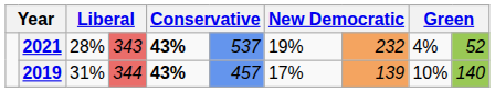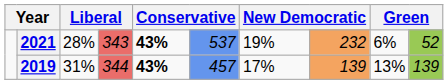 <table class="wikitable" style="width:400; font-size:90%; margin-left:1em;">
 <tr>
 <th colspan="2" scope="col">Year</th>
 <th colspan="2" scope="col"><a href='#'>Liberal</a></th>
 <th colspan="2" scope="col"><a href='#'>Conservative</a></th>
 <th colspan="2" scope="col"><a href='#'>New Democratic</a></th>
 <th colspan="2" scope="col"><a href='#'>Green</a></th>
 </tr>
 <tr>
 <td rowspan="2" style="width: 0.25em; background-color: "></td>
 <th><a href='#'>2021</a></th>
 <td>28%</td>
 <td style="text-align:right; background:#EA6D6A;"><em>343</em></td>
 <td><strong>43%</strong></td>
 <td style="text-align:right; background:#6495ED;"><em>537</em></td>
 <td>19%</td>
 <td style="text-align:right; background:#F4A460;"><em>232</em></td>
-<td>4%</td>
+<td>6%</td>
 <td style="text-align:right; background:#99C955;"><em>52</em></td>
 </tr>
 <tr>
 <th><a href='#'>2019</a></th>
 <td>31%</td>
 <td style="text-align:right; background:#EA6D6A;"><em>344</em></td>
 <td><strong>43%</strong></td>
 <td style="text-align:right; background:#6495ED;"><em>457</em></td>
 <td>17%</td>
 <td style="text-align:right; background:#F4A460;"><em>139</em></td>
-<td>10%</td>
-<td style="text-align:right; background:#99C955;"><em>140</em></td>
+<td>13%</td>
+<td style="text-align:right; background:#99C955;"><em>139</em></td>
 </tr>
 </table>
